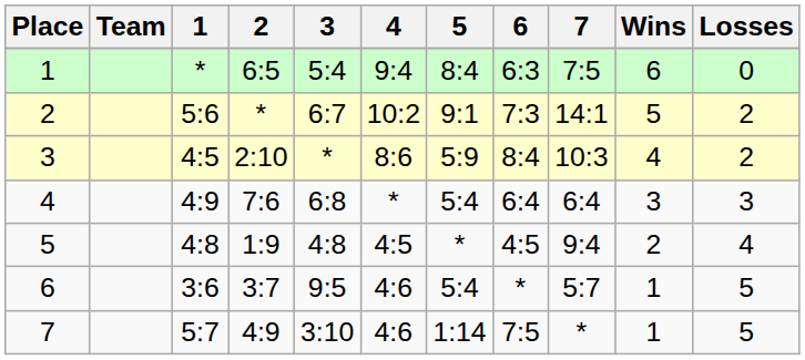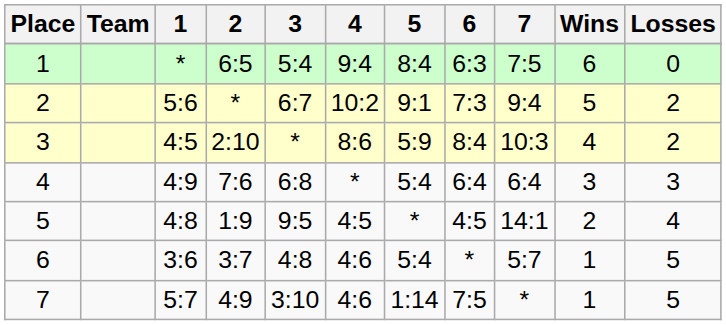 <table class="wikitable" style="text-align:center;">
 <tr>
 <th>Place</th>
 <th>Team</th>
 <th width="25">1</th>
 <th width="25">2</th>
 <th width="25">3</th>
 <th width="25">4</th>
 <th width="25">5</th>
 <th width="25">6</th>
 <th width="25">7</th>
 <th>Wins</th>
 <th>Losses</th>
 </tr>
 <tr>
 </tr>
 <tr bgcolor=#cfc>
 <td>1</td>
 <td align=left></td>
 <td>*</td>
 <td>6:5</td>
 <td>5:4</td>
 <td>9:4</td>
 <td>8:4</td>
 <td>6:3</td>
 <td>7:5</td>
 <td>6</td>
 <td>0</td>
 </tr>
 <tr bgcolor=#ffc>
 <td>2</td>
 <td align=left></td>
 <td>5:6</td>
 <td>*</td>
 <td>6:7</td>
 <td>10:2</td>
 <td>9:1</td>
 <td>7:3</td>
-<td>14:1</td>
+<td>9:4</td>
 <td>5</td>
 <td>2</td>
 </tr>
 <tr bgcolor=#ffc>
 <td>3</td>
 <td align=left></td>
 <td>4:5</td>
 <td>2:10</td>
 <td>*</td>
 <td>8:6</td>
 <td>5:9</td>
 <td>8:4</td>
 <td>10:3</td>
 <td>4</td>
 <td>2</td>
 </tr>
 <tr>
 <td>4</td>
 <td align=left></td>
 <td>4:9</td>
 <td>7:6</td>
 <td>6:8</td>
 <td>*</td>
 <td>5:4</td>
 <td>6:4</td>
 <td>6:4</td>
 <td>3</td>
 <td>3</td>
 </tr>
 <tr>
 <td>5</td>
 <td align=left></td>
 <td>4:8</td>
 <td>1:9</td>
-<td>4:8</td>
+<td>9:5</td>
 <td>4:5</td>
 <td>*</td>
 <td>4:5</td>
-<td>9:4</td>
+<td>14:1</td>
 <td>2</td>
 <td>4</td>
 </tr>
 <tr>
 <td>6</td>
 <td align=left></td>
 <td>3:6</td>
 <td>3:7</td>
-<td>9:5</td>
+<td>4:8</td>
 <td>4:6</td>
 <td>5:4</td>
 <td>*</td>
 <td>5:7</td>
 <td>1</td>
 <td>5</td>
 </tr>
 <tr>
 <td>7</td>
 <td align=left></td>
 <td>5:7</td>
 <td>4:9</td>
 <td>3:10</td>
 <td>4:6</td>
 <td>1:14</td>
 <td>7:5</td>
 <td>*</td>
 <td>1</td>
 <td>5</td>
 </tr>
 </table>
